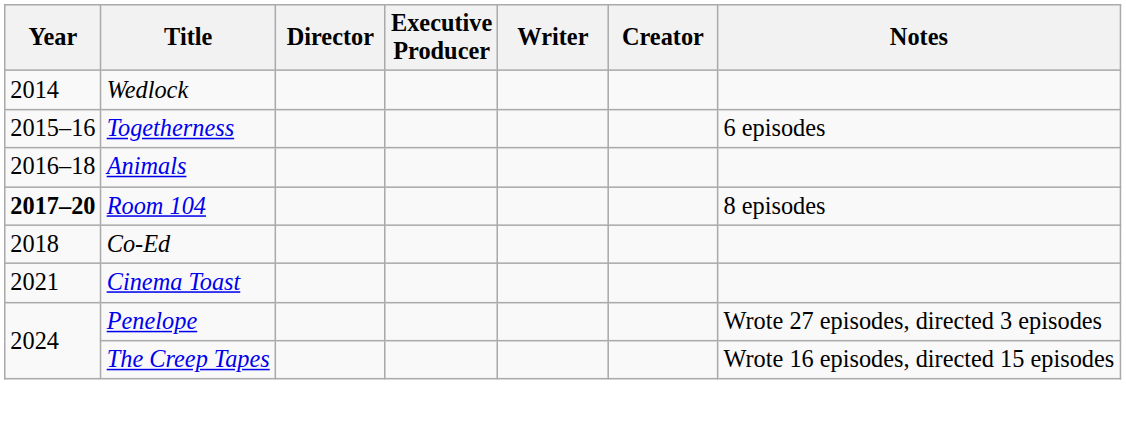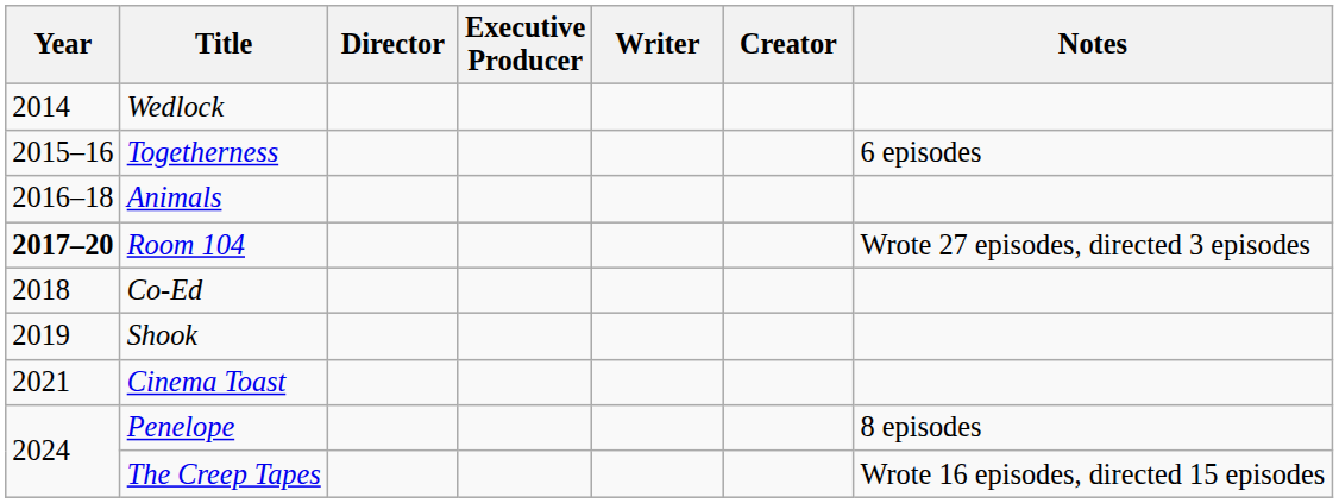 <table class="wikitable" style="text-align:left; margin-center:auto; margin-center:auto">
 <tr>
 <th>Year</th>
 <th>Title</th>
 <th width=65>Director</th>
 <th width=65>Executive<br>Producer</th>
 <th width=65>Writer</th>
 <th width=65>Creator</th>
 <th>Notes</th>
 </tr>
 <tr>
 <td>2014</td>
 <td style="text-align:left;"><em>Wedlock</em></td>
 <td></td>
 <td></td>
 <td></td>
 <td></td>
 <td></td>
 </tr>
 <tr>
 <td>2015–16</td>
 <td style="text-align:left;"><em><a href='#'>Togetherness</a></em></td>
 <td></td>
 <td></td>
 <td></td>
 <td></td>
 <td>6 episodes</td>
 </tr>
 <tr>
 <td>2016–18</td>
 <td><em><a href='#'>Animals</a></em></td>
 <td></td>
 <td></td>
 <td></td>
 <td></td>
 <td></td>
 </tr>
 <tr>
 <td><strong>2017–20</strong></td>
 <td style="text-align:left;"><em><a href='#'>Room 104</a></em></td>
 <td></td>
 <td></td>
 <td></td>
 <td></td>
-<td>8 episodes</td>
+<td>Wrote 27 episodes, directed 3 episodes</td>
 </tr>
 <tr>
 <td>2018</td>
 <td style="text-align:left;"><em>Co-Ed</em></td>
+<td></td>
+<td></td>
+<td></td>
+<td></td>
+<td></td>
+</tr>
+<tr>
+<td>2019</td>
+<td style="text-align:left;"><em>Shook</em></td>
 <td></td>
 <td></td>
 <td></td>
 <td></td>
 <td></td>
 </tr>
 <tr>
 <td>2021</td>
 <td><em><a href='#'>Cinema Toast</a></em></td>
 <td></td>
 <td></td>
 <td></td>
 <td></td>
 <td></td>
 </tr>
 <tr>
 <td rowspan="2">2024</td>
 <td><em><a href='#'>Penelope</a></em></td>
 <td></td>
 <td></td>
 <td></td>
 <td></td>
-<td>Wrote 27 episodes, directed 3 episodes</td>
+<td>8 episodes</td>
 </tr>
 <tr>
 <td><em><a href='#'>The Creep Tapes</a></em></td>
 <td></td>
 <td></td>
 <td></td>
 <td></td>
 <td>Wrote 16 episodes, directed 15 episodes</td>
 </tr>
 </table>
